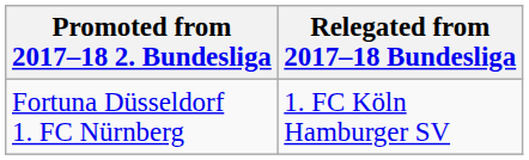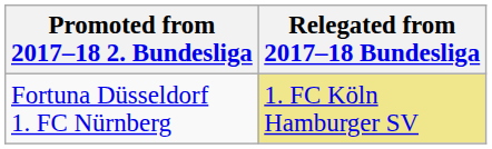 <table class="wikitable">
 <tr>
 <th>Promoted from<br><a href='#'>2017–18 2. Bundesliga</a></th>
 <th>Relegated from<br><a href='#'>2017–18 Bundesliga</a></th>
 </tr>
 <tr>
 <td><a href='#'>Fortuna Düsseldorf</a><br><a href='#'>1. FC Nürnberg</a></td>
-<td><a href='#'>1. FC Köln</a><br><a href='#'>Hamburger SV</a></td>
+<td style="background: khaki;"><a href='#'>1. FC Köln</a><br><a href='#'>Hamburger SV</a></td>
 </tr>
 </table>
